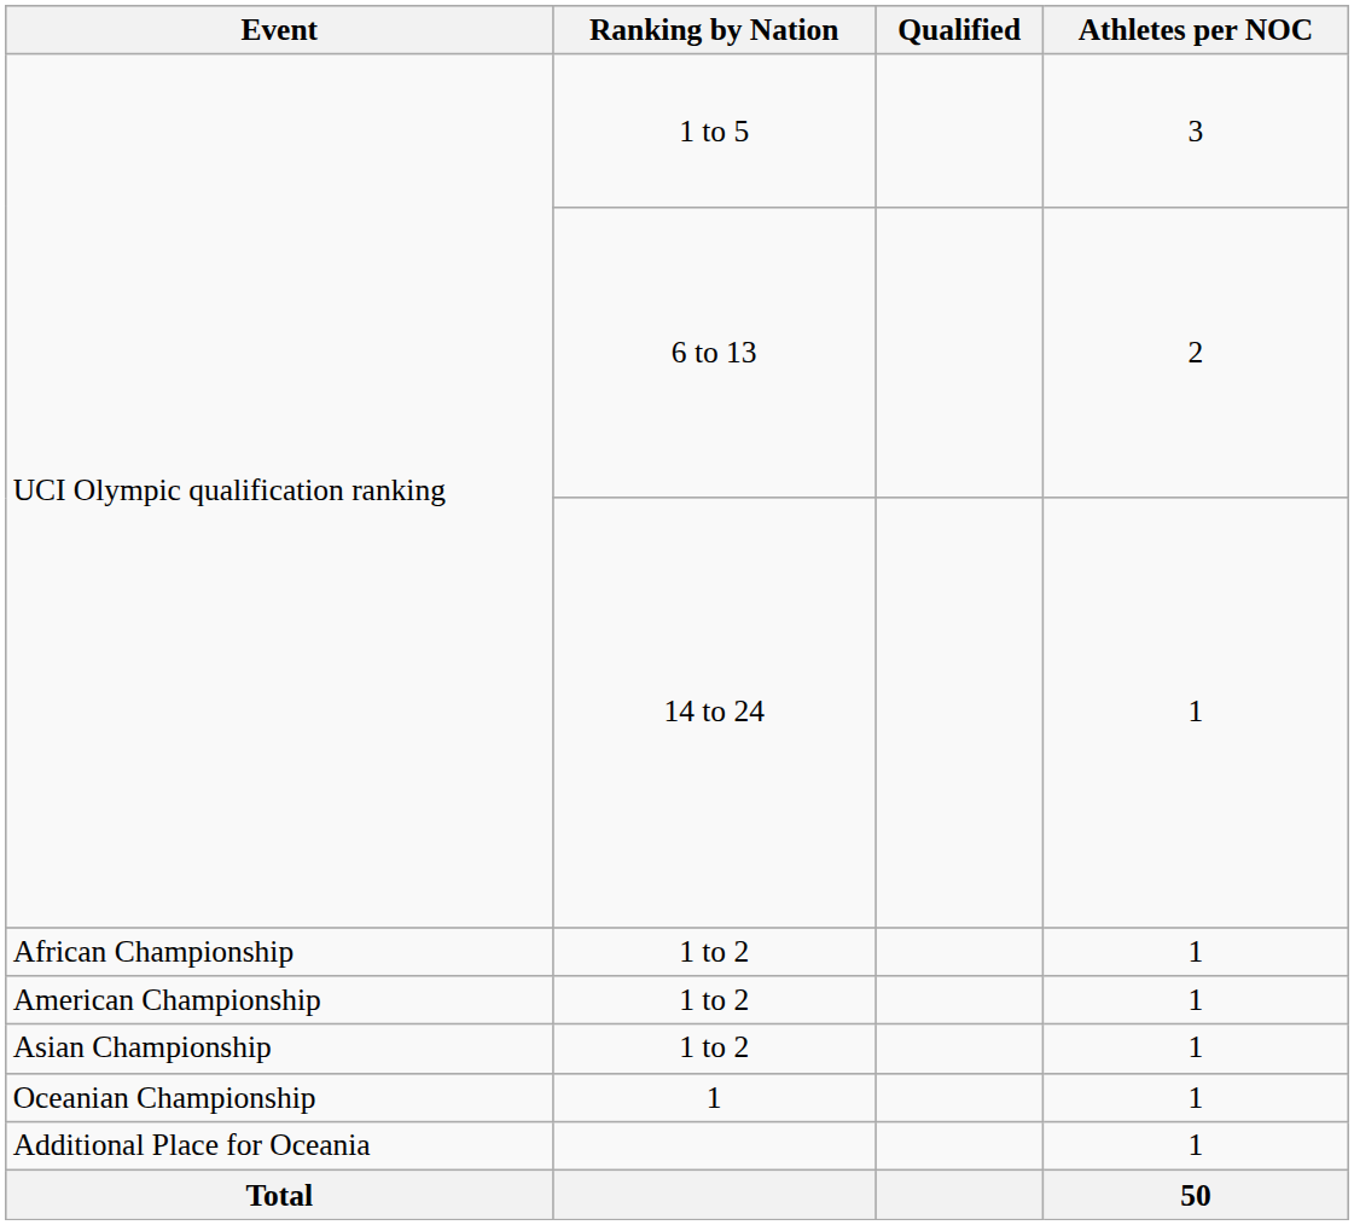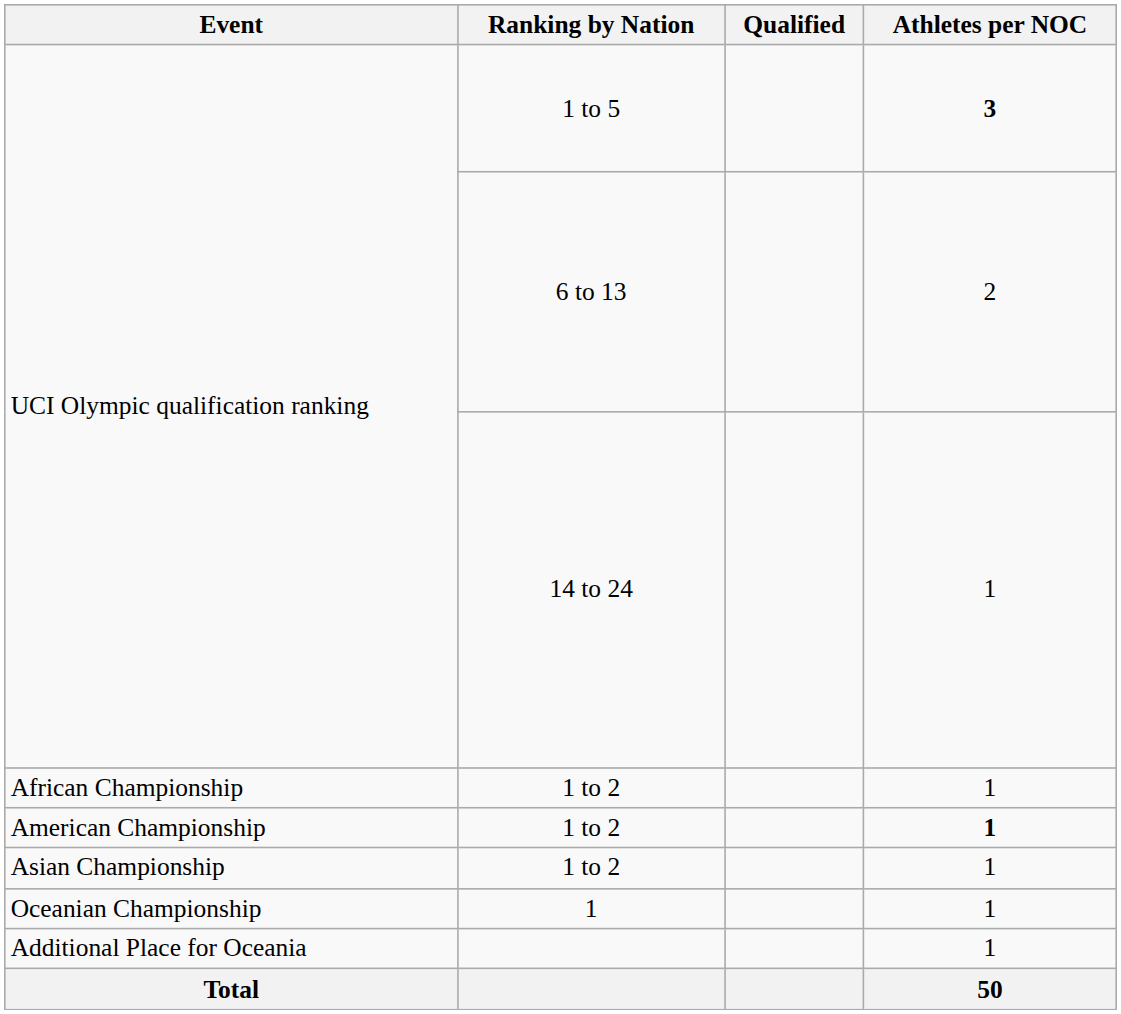 <table class="wikitable"  style="width:700px; text-align:center;">
 <tr>
 <th>Event</th>
 <th>Ranking by Nation</th>
 <th>Qualified</th>
 <th>Athletes per NOC</th>
 </tr>
 <tr>
 <td rowspan="3" style="text-align:left;">UCI Olympic qualification ranking</td>
 <td>1 to 5</td>
 <td align="left"><br><br><br><br></td>
-<td>3</td>
+<td><strong>3</strong></td>
 </tr>
 <tr>
 <td>6 to 13</td>
 <td align="left"><br><br><br><br><br><br><br><br></td>
 <td>2</td>
 </tr>
 <tr>
 <td>14 to 24</td>
 <td align="left"><br><s></s><br><br><br><br><br><br><br><br><br><br><br></td>
 <td>1</td>
 </tr>
 <tr>
 <td align="left">African Championship</td>
 <td>1 to 2</td>
 <td align="left"><br></td>
 <td>1</td>
 </tr>
 <tr>
 <td align="left">American Championship</td>
 <td>1 to 2</td>
 <td align="left"><br></td>
-<td>1</td>
+<td><strong>1</strong></td>
 </tr>
 <tr>
 <td align="left">Asian Championship</td>
 <td>1 to 2</td>
 <td align="left"><br></td>
 <td>1</td>
 </tr>
 <tr>
 <td align="left">Oceanian Championship</td>
 <td>1</td>
 <td align="left"></td>
 <td>1</td>
 </tr>
 <tr>
 <td align="left">Additional Place for Oceania</td>
 <td></td>
 <td align="left"></td>
 <td>1</td>
 </tr>
 <tr>
 <th>Total</th>
 <th></th>
 <th></th>
 <th>50</th>
 </tr>
 </table>
